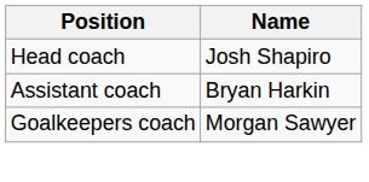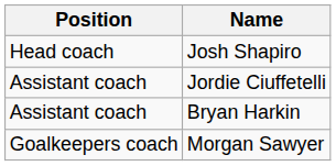 <table class="wikitable" style="width: %;">
 <tr>
 <th width=px>Position</th>
 <th width=px>Name</th>
 </tr>
 <tr>
 <td>Head coach</td>
 <td>Josh Shapiro</td>
 </tr>
 <tr>
 <td>Assistant coach</td>
+<td>Jordie Ciuffetelli</td>
+</tr>
+<tr>
+<td>Assistant coach</td>
 <td>Bryan Harkin</td>
 </tr>
 <tr>
 <td>Goalkeepers coach</td>
 <td>Morgan Sawyer</td>
 </tr>
 </table>
